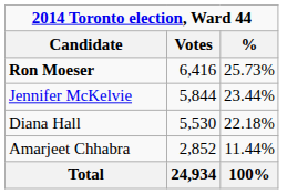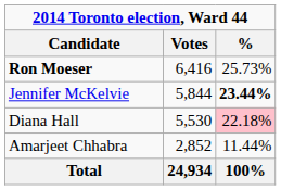 <table class="wikitable">
 <tr>
 <td Colspan="3" align="center"><strong><a href='#'>2014 Toronto election</a>, Ward 44</strong></td>
 </tr>
 <tr>
 <th bgcolor="#DDDDFF" width="150px">Candidate</th>
 <th bgcolor="#DDDDFF">Votes</th>
 <th bgcolor="#DDDDFF">%</th>
 </tr>
 <tr>
 <td><strong>Ron Moeser</strong></td>
 <td align=right>6,416</td>
 <td align=right>25.73%</td>
 </tr>
 <tr>
 <td><a href='#'>Jennifer McKelvie</a></td>
 <td align=right>5,844</td>
-<td align-right>23.44%</td>
+<td align-right><strong>23.44%</strong></td>
 </tr>
 <tr>
 <td>Diana Hall</td>
 <td align=right>5,530</td>
-<td align=right>22.18%</td>
+<td align=right style="background: pink;">22.18%</td>
 </tr>
 <tr>
 <td>Amarjeet Chhabra</td>
 <td align=right>2,852</td>
 <td align=right>11.44%</td>
 </tr>
 <tr>
 <th>Total</th>
 <th align=right>24,934</th>
 <th align=right>100%</th>
 </tr>
 </table>
